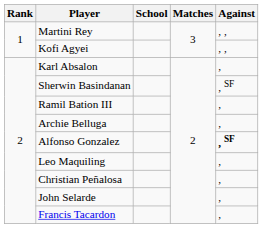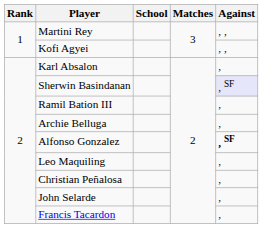 <table class="wikitable" style="text-align:center">
 <tr>
 <th>Rank</th>
 <th>Player</th>
 <th>School</th>
 <th>Matches</th>
 <th>Against</th>
 </tr>
 <tr>
 <td rowspan=2>1</td>
 <td align="left"> Martini Rey</td>
 <td align="left"></td>
 <td rowspan=2>3</td>
 <td align="left">, , </td>
 </tr>
 <tr>
 <td align="left"> Kofi Agyei</td>
 <td align="left"></td>
 <td align="left">, , </td>
 </tr>
 <tr>
 <td rowspan="9">2</td>
 <td align="left"> Karl Absalon</td>
 <td align="left"></td>
 <td rowspan="9">2</td>
 <td align="left">, </td>
 </tr>
 <tr>
 <td align="left"> Sherwin Basindanan</td>
 <td align="left"></td>
-<td align="left">, <sup>SF</sup></td>
+<td align="left" style="background: lavender;">, <sup>SF</sup></td>
 </tr>
 <tr>
 <td align="left"> Ramil Bation III</td>
 <td align="left"></td>
 <td align="left">, </td>
 </tr>
 <tr>
 <td align="left"> Archie Belluga</td>
 <td align="left"></td>
 <td align="left">, </td>
 </tr>
 <tr>
 <td align="left"> Alfonso Gonzalez</td>
 <td align="left"></td>
 <td align="left"><strong>, <sup>SF</sup></strong></td>
 </tr>
 <tr>
 <td align="left"> Leo Maquiling</td>
 <td align="left"></td>
 <td align="left">, </td>
 </tr>
 <tr>
 <td align="left"> Christian Peñalosa</td>
 <td align="left"></td>
 <td align="left">, </td>
 </tr>
 <tr>
 <td align="left"> John Selarde</td>
 <td align="left"></td>
 <td align="left">, </td>
 </tr>
 <tr>
 <td align="left"> <a href='#'>Francis Tacardon</a></td>
 <td align="left"></td>
 <td align="left">, </td>
 </tr>
 </table>
